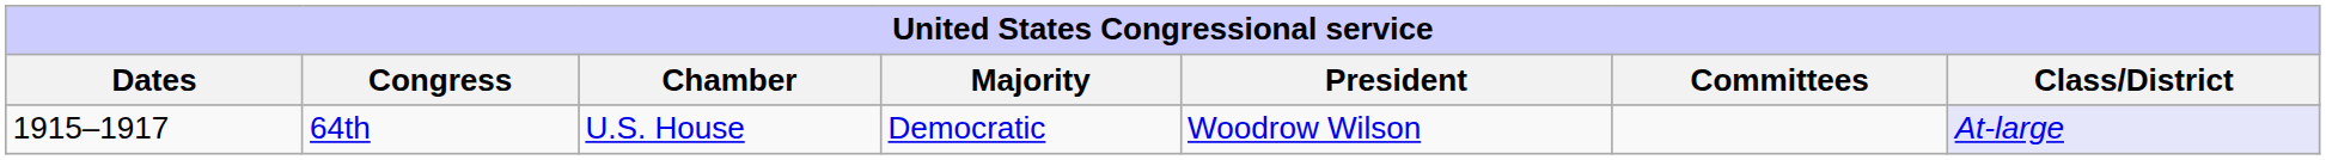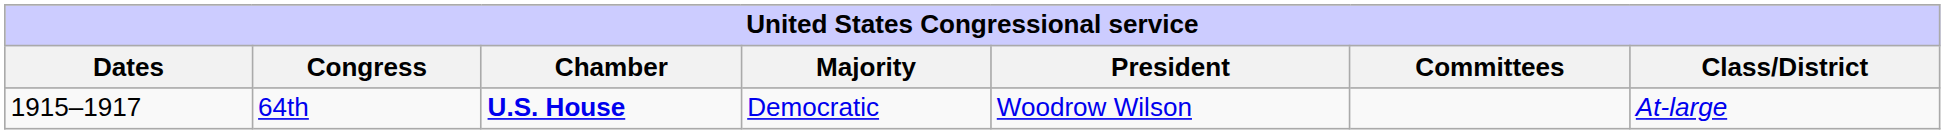 <table class=wikitable style="width: 94%" style="text-align: center;" align="center">
 <tr bgcolor=#cccccc>
 <th colspan=7 style="background: #ccccff;">United States Congressional service</th>
 </tr>
 <tr>
 <th><strong>Dates</strong></th>
 <th><strong>Congress</strong></th>
 <th><strong>Chamber</strong></th>
 <th><strong>Majority</strong></th>
 <th><strong>President</strong></th>
 <th><strong>Committees</strong></th>
 <th><strong>Class/District</strong></th>
 </tr>
 <tr>
 <td>1915–1917</td>
 <td><a href='#'>64th</a></td>
-<td><a href='#'>U.S. House</a></td>
+<td><strong><a href='#'>U.S. House</a></strong></td>
 <td><a href='#'>Democratic</a></td>
 <td><a href='#'>Woodrow Wilson</a></td>
 <td></td>
-<td style="background: lavender;"><a href='#'><em>At-large</em></a></td>
+<td><a href='#'><em>At-large</em></a></td>
 </tr>
 </table>
